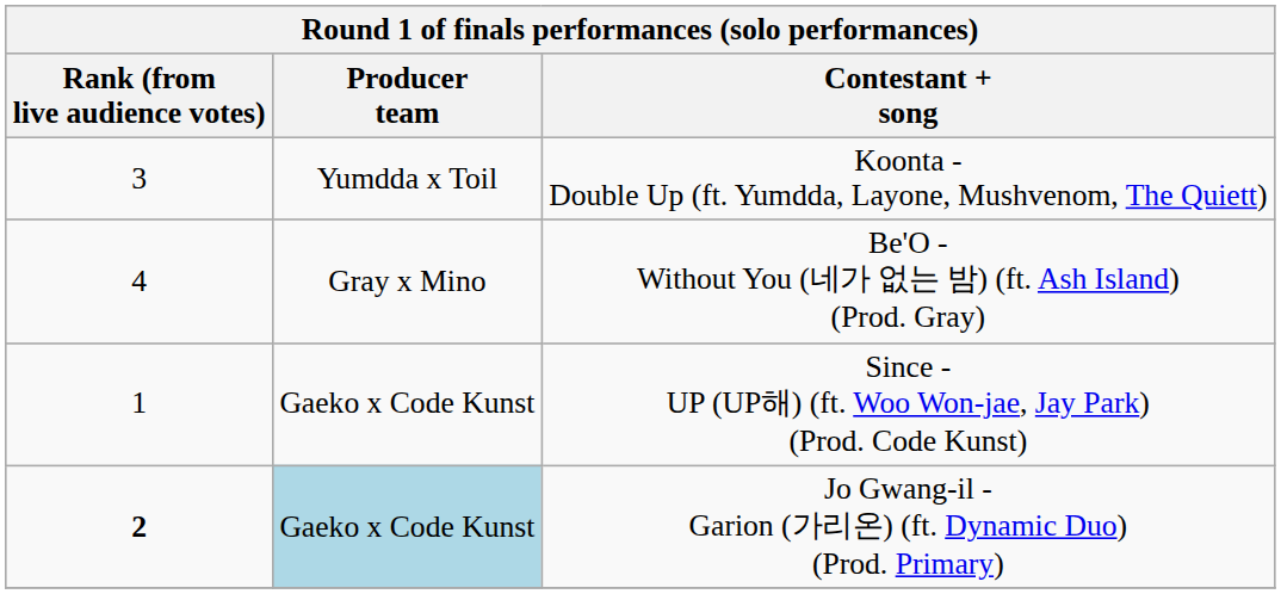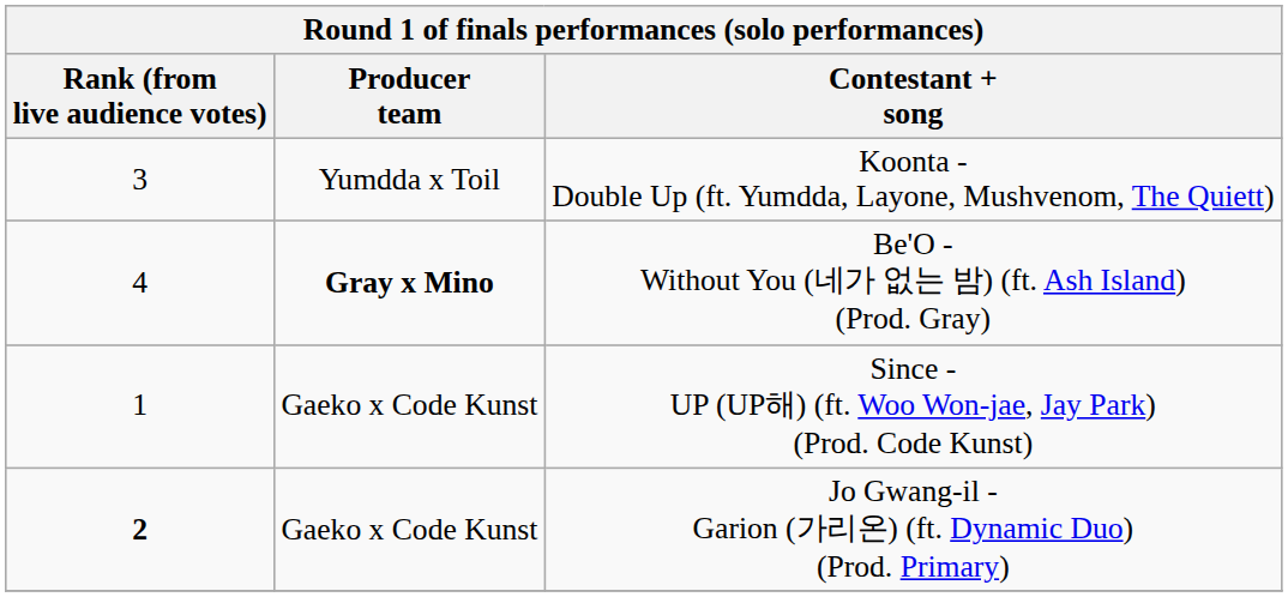 <table class="wikitable" style="text-align:center" border="2">
 <tr>
 <th colspan="4">Round 1 of finals performances (solo performances)</th>
 </tr>
 <tr>
 <th>Rank (from <br> live audience votes)</th>
 <th>Producer <br> team</th>
 <th>Contestant + <br> song</th>
 </tr>
 <tr>
 <td>3</td>
 <td>Yumdda x Toil</td>
 <td>Koonta -<br>Double Up (ft. Yumdda,  Layone, Mushvenom, <a href='#'>The Quiett</a>)</td>
 </tr>
 <tr>
 <td>4</td>
-<td>Gray x Mino</td>
+<td><strong>Gray x Mino</strong></td>
 <td>Be'O -<br>Without You (네가 없는 밤) (ft. <a href='#'>Ash Island</a>) <br>(Prod. Gray)</td>
 </tr>
 <tr>
 <td>1</td>
 <td>Gaeko x Code Kunst</td>
 <td>Since -<br> UP (UP해) (ft. <a href='#'>Woo Won-jae</a>, <a href='#'>Jay Park</a>)<br>(Prod. Code Kunst)</td>
 </tr>
 <tr>
 <td><strong>2</strong></td>
-<td style="background: lightblue;">Gaeko x Code Kunst</td>
+<td>Gaeko x Code Kunst</td>
 <td>Jo Gwang-il - <br> Garion (가리온) (ft. <a href='#'>Dynamic Duo</a>) <br>(Prod. <a href='#'>Primary</a>)</td>
 </tr>
 <tr>
 </tr>
 </table>
